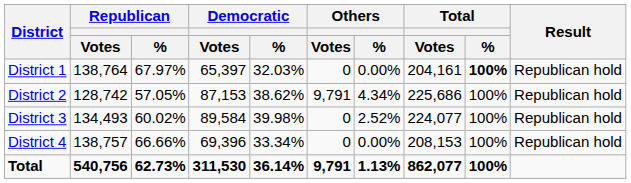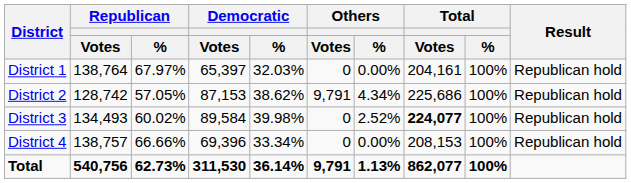 <table class="wikitable plainrowheaders sortable" style="font-size:100%; text-align:right;">
 <tr>
 <th scope=col rowspan=3><a href='#'>District</a></th>
 <th scope=col colspan=2><a href='#'>Republican</a></th>
 <th scope=col colspan=2><a href='#'>Democratic</a></th>
 <th scope=col colspan=2>Others</th>
 <th scope=col colspan=2>Total</th>
 <th scope=col rowspan=3>Result</th>
 </tr>
 <tr>
 <th scope=col colspan=2 style="background:"></th>
 <th scope=col colspan=2 style="background:"></th>
 <th scope=col colspan=2></th>
 <th scope=col colspan=2></th>
 </tr>
 <tr>
 <th scope=col data-sort-type="number">Votes</th>
 <th scope=col data-sort-type="number">%</th>
 <th scope=col data-sort-type="number">Votes</th>
 <th scope=col data-sort-type="number">%</th>
 <th scope=col data-sort-type="number">Votes</th>
 <th scope=col data-sort-type="number">%</th>
 <th scope=col data-sort-type="number">Votes</th>
 <th scope=col data-sort-type="number">%</th>
 </tr>
 <tr>
 <td align=left><a href='#'>District 1</a></td>
 <td>138,764</td>
 <td>67.97%</td>
 <td>65,397</td>
 <td>32.03%</td>
 <td>0</td>
 <td>0.00%</td>
 <td>204,161</td>
-<td><strong>100%</strong></td>
+<td>100%</td>
 <td align=left>Republican hold</td>
 </tr>
 <tr>
 <td align=left><a href='#'>District 2</a></td>
 <td>128,742</td>
 <td>57.05%</td>
 <td>87,153</td>
 <td>38.62%</td>
 <td>9,791</td>
 <td>4.34%</td>
 <td>225,686</td>
 <td>100%</td>
 <td align=left>Republican hold</td>
 </tr>
 <tr>
 <td align=left><a href='#'>District 3</a></td>
 <td>134,493</td>
 <td>60.02%</td>
 <td>89,584</td>
 <td>39.98%</td>
 <td>0</td>
 <td>2.52%</td>
-<td>224,077</td>
+<td><strong>224,077</strong></td>
 <td>100%</td>
 <td align=left>Republican hold</td>
 </tr>
 <tr>
 <td align=left><a href='#'>District 4</a></td>
 <td>138,757</td>
 <td>66.66%</td>
 <td>69,396</td>
 <td>33.34%</td>
 <td>0</td>
 <td>0.00%</td>
 <td>208,153</td>
 <td>100%</td>
 <td align=left>Republican hold</td>
 </tr>
 <tr class="sortbottom" style="font-weight:bold">
 <td align=left>Total</td>
 <td>540,756</td>
 <td>62.73%</td>
 <td>311,530</td>
 <td>36.14%</td>
 <td>9,791</td>
 <td>1.13%</td>
 <td>862,077</td>
 <td>100%</td>
 <td></td>
 </tr>
 </table>
